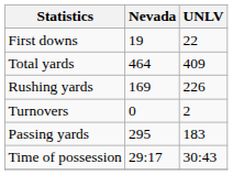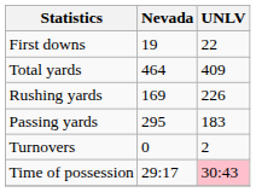 <table class="wikitable">
 <tr>
 <th>Statistics</th>
 <th>Nevada</th>
 <th>UNLV</th>
 </tr>
 <tr>
 <td>First downs</td>
 <td>19</td>
 <td>22</td>
 </tr>
 <tr>
 <td>Total yards</td>
 <td>464</td>
 <td>409</td>
 </tr>
 <tr>
 <td>Rushing yards</td>
 <td>169</td>
 <td>226</td>
 </tr>
 <tr>
+<td>Passing yards</td>
+<td>295</td>
+<td>183</td>
+</tr>
+<tr>
 <td>Turnovers</td>
 <td>0</td>
 <td>2</td>
 </tr>
 <tr>
-<td>Passing yards</td>
-<td>295</td>
-<td>183</td>
-</tr>
-<tr>
 <td>Time of possession</td>
 <td>29:17</td>
-<td>30:43</td>
+<td style="background: pink;">30:43</td>
 </tr>
 <tr>
 </tr>
 </table>
